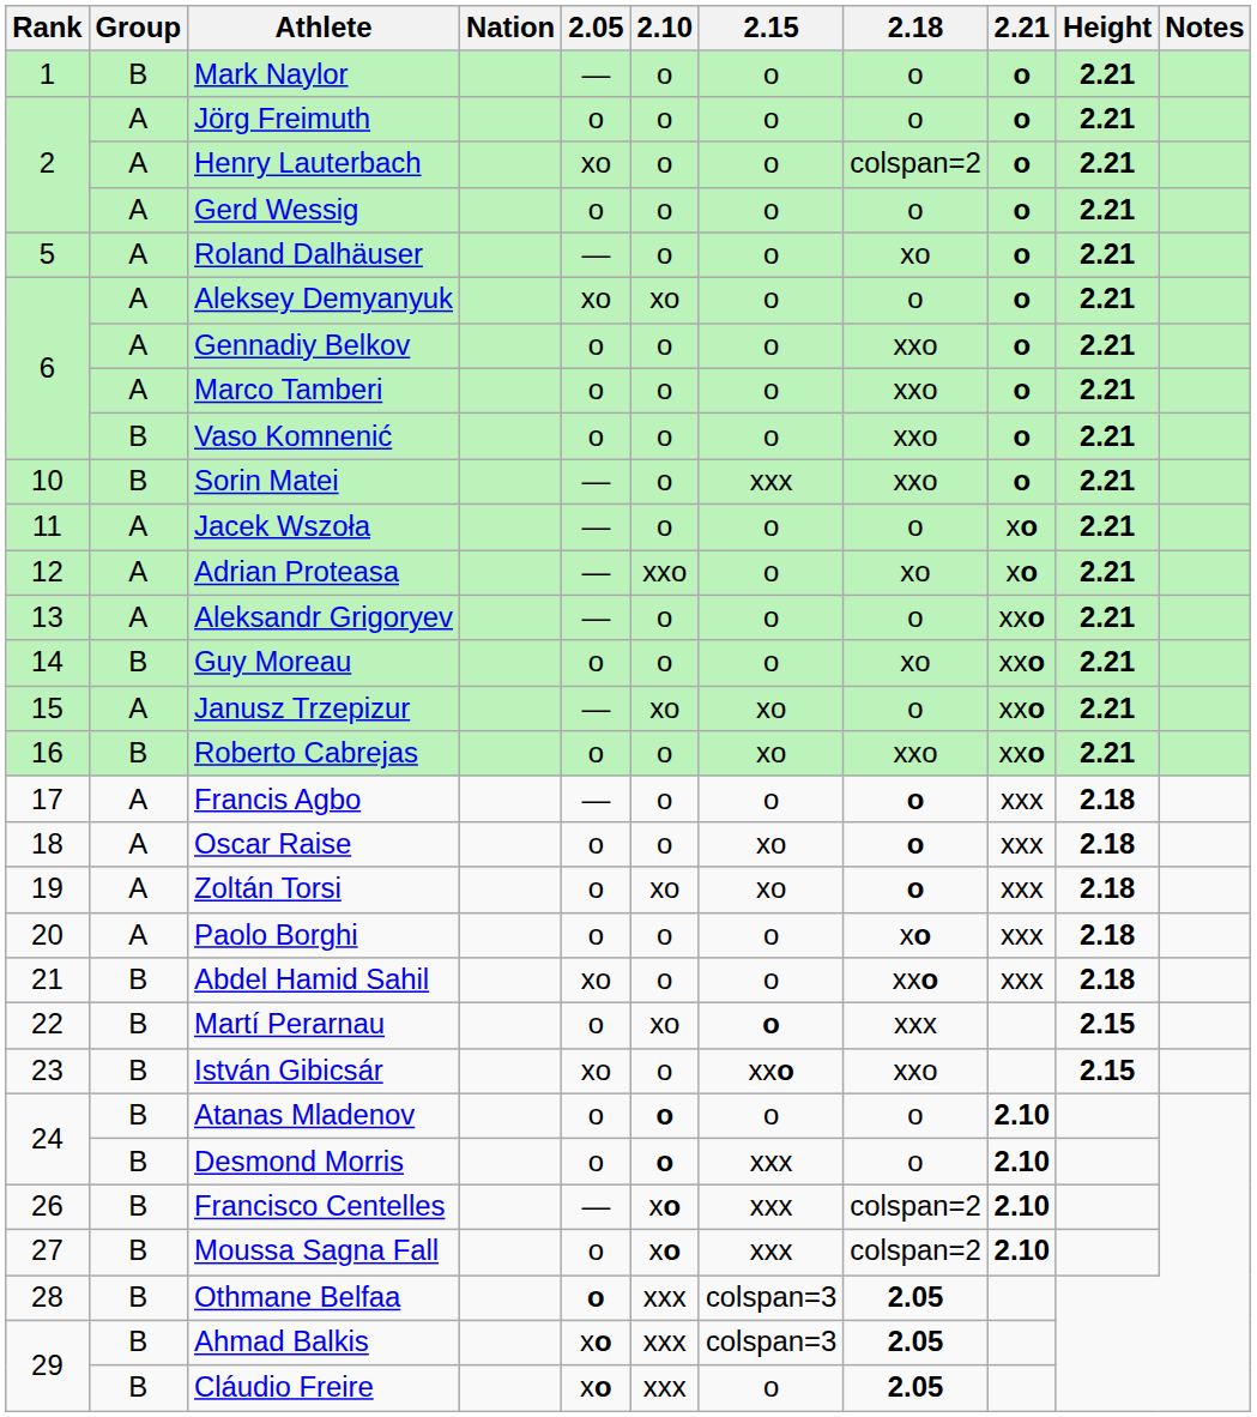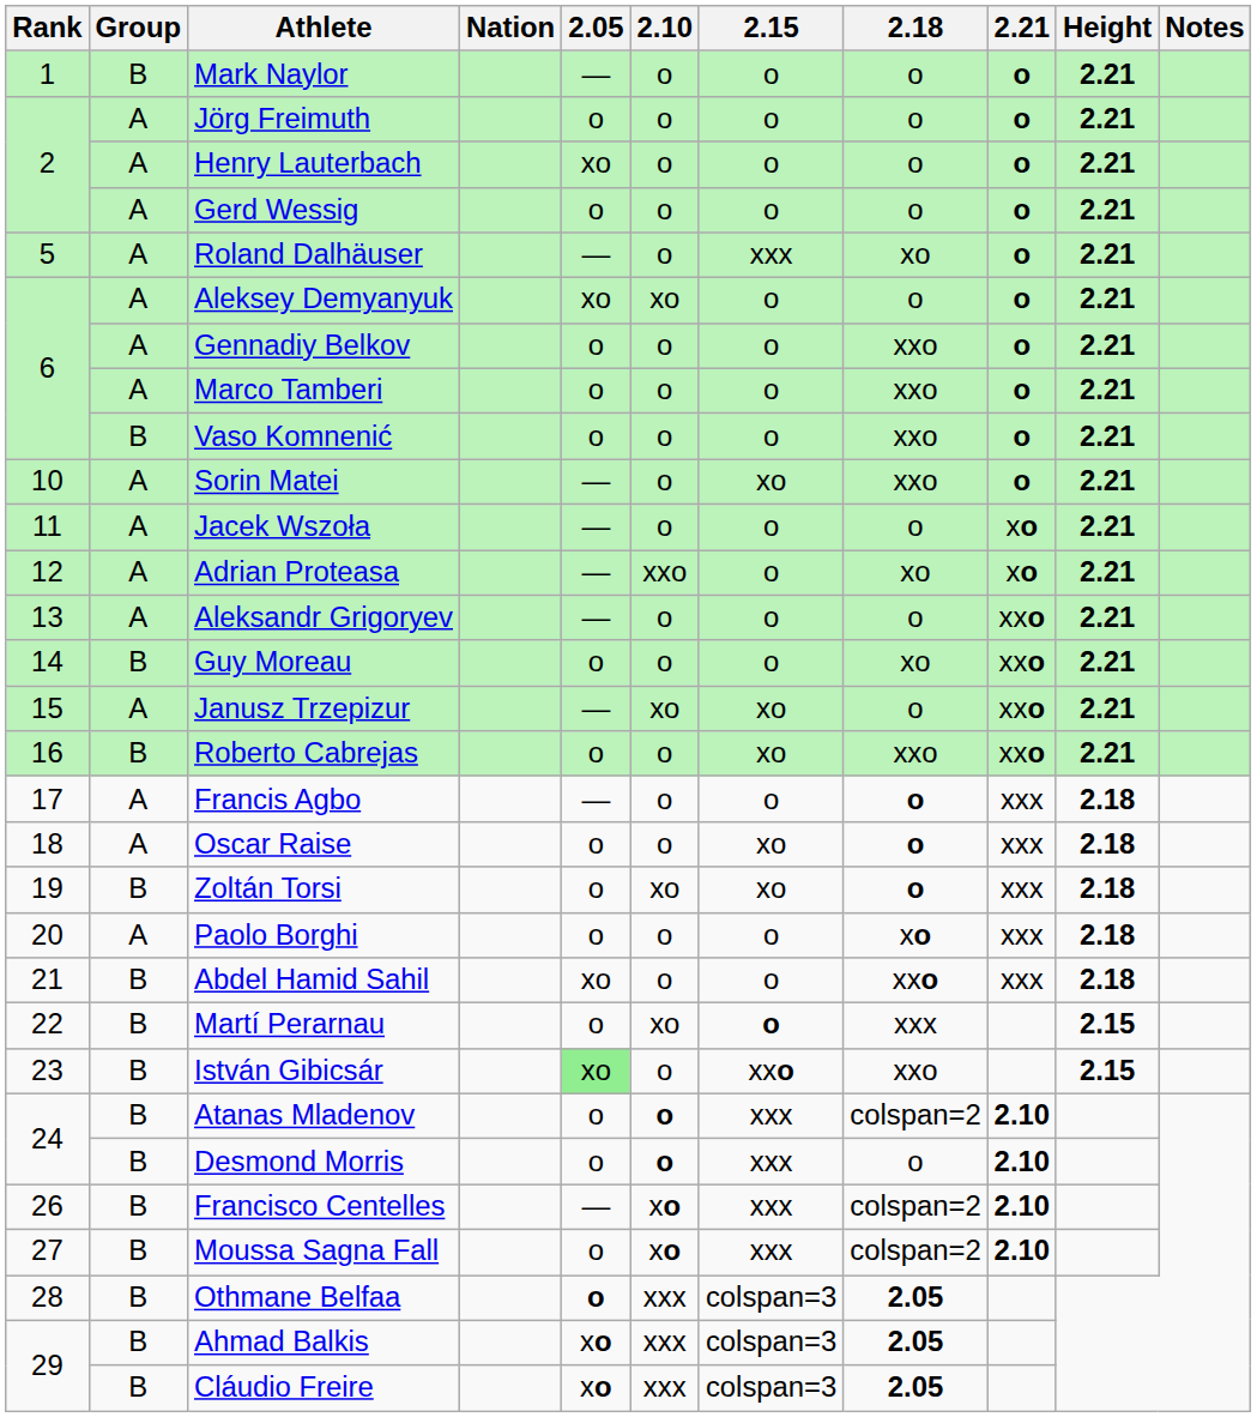 <table class="wikitable sortable" style="text-align:center">
 <tr>
 <th>Rank</th>
 <th>Group</th>
 <th>Athlete</th>
 <th>Nation</th>
 <th>2.05</th>
 <th>2.10</th>
 <th>2.15</th>
 <th>2.18</th>
 <th>2.21</th>
 <th>Height</th>
 <th>Notes</th>
 </tr>
 <tr bgcolor=bbf3bb>
 <td>1</td>
 <td>B</td>
 <td align=left><a href='#'>Mark Naylor</a></td>
 <td align=left></td>
 <td>—</td>
 <td>o</td>
 <td>o</td>
 <td>o</td>
 <td><strong>o</strong></td>
 <td><strong>2.21</strong></td>
 <td></td>
 </tr>
 <tr bgcolor=bbf3bb>
 <td rowspan=3>2</td>
 <td>A</td>
 <td align=left><a href='#'>Jörg Freimuth</a></td>
 <td align=left></td>
 <td>o</td>
 <td>o</td>
 <td>o</td>
 <td>o</td>
 <td><strong>o</strong></td>
 <td><strong>2.21</strong></td>
 <td></td>
 </tr>
 <tr bgcolor=bbf3bb>
 <td>A</td>
 <td align=left><a href='#'>Henry Lauterbach</a></td>
 <td align=left></td>
 <td>xo</td>
 <td>o</td>
 <td>o</td>
-<td>colspan=2 </td>
+<td>o</td>
 <td><strong>o</strong></td>
 <td><strong>2.21</strong></td>
 <td></td>
 </tr>
 <tr bgcolor=bbf3bb>
 <td>A</td>
 <td align=left><a href='#'>Gerd Wessig</a></td>
 <td align=left></td>
 <td>o</td>
 <td>o</td>
 <td>o</td>
 <td>o</td>
 <td><strong>o</strong></td>
 <td><strong>2.21</strong></td>
 <td></td>
 </tr>
 <tr bgcolor=bbf3bb>
 <td>5</td>
 <td>A</td>
 <td align=left><a href='#'>Roland Dalhäuser</a></td>
 <td align=left></td>
 <td>—</td>
 <td>o</td>
-<td>o</td>
+<td>xxx</td>
 <td>xo</td>
 <td><strong>o</strong></td>
 <td><strong>2.21</strong></td>
 <td></td>
 </tr>
 <tr bgcolor=bbf3bb>
 <td rowspan=4>6</td>
 <td>A</td>
 <td align=left><a href='#'>Aleksey Demyanyuk</a></td>
 <td align=left></td>
 <td>xo</td>
 <td>xo</td>
 <td>o</td>
 <td>o</td>
 <td><strong>o</strong></td>
 <td><strong>2.21</strong></td>
 <td></td>
 </tr>
 <tr bgcolor=bbf3bb>
 <td>A</td>
 <td align=left><a href='#'>Gennadiy Belkov</a></td>
 <td align=left></td>
 <td>o</td>
 <td>o</td>
 <td>o</td>
 <td>xxo</td>
 <td><strong>o</strong></td>
 <td><strong>2.21</strong></td>
 <td></td>
 </tr>
 <tr bgcolor=bbf3bb>
 <td>A</td>
 <td align=left><a href='#'>Marco Tamberi</a></td>
 <td align=left></td>
 <td>o</td>
 <td>o</td>
 <td>o</td>
 <td>xxo</td>
 <td><strong>o</strong></td>
 <td><strong>2.21</strong></td>
 <td></td>
 </tr>
 <tr bgcolor=bbf3bb>
 <td>B</td>
 <td align=left><a href='#'>Vaso Komnenić</a></td>
 <td align=left></td>
 <td>o</td>
 <td>o</td>
 <td>o</td>
 <td>xxo</td>
 <td><strong>o</strong></td>
 <td><strong>2.21</strong></td>
 <td></td>
 </tr>
 <tr bgcolor=bbf3bb>
 <td>10</td>
-<td>B</td>
+<td>A</td>
 <td align=left><a href='#'>Sorin Matei</a></td>
 <td align=left></td>
 <td>—</td>
 <td>o</td>
-<td>xxx</td>
+<td>xo</td>
 <td>xxo</td>
 <td><strong>o</strong></td>
 <td><strong>2.21</strong></td>
 <td></td>
 </tr>
 <tr bgcolor=bbf3bb>
 <td>11</td>
 <td>A</td>
 <td align=left><a href='#'>Jacek Wszoła</a></td>
 <td align=left></td>
 <td>—</td>
 <td>o</td>
 <td>o</td>
 <td>o</td>
 <td>x<strong>o</strong></td>
 <td><strong>2.21</strong></td>
 <td></td>
 </tr>
 <tr bgcolor=bbf3bb>
 <td>12</td>
 <td>A</td>
 <td align=left><a href='#'>Adrian Proteasa</a></td>
 <td align=left></td>
 <td>—</td>
 <td>xxo</td>
 <td>o</td>
 <td>xo</td>
 <td>x<strong>o</strong></td>
 <td><strong>2.21</strong></td>
 <td></td>
 </tr>
 <tr bgcolor=bbf3bb>
 <td>13</td>
 <td>A</td>
 <td align=left><a href='#'>Aleksandr Grigoryev</a></td>
 <td align=left></td>
 <td>—</td>
 <td>o</td>
 <td>o</td>
 <td>o</td>
 <td>xx<strong>o</strong></td>
 <td><strong>2.21</strong></td>
 <td></td>
 </tr>
 <tr bgcolor=bbf3bb>
 <td>14</td>
 <td>B</td>
 <td align=left><a href='#'>Guy Moreau</a></td>
 <td align=left></td>
 <td>o</td>
 <td>o</td>
 <td>o</td>
 <td>xo</td>
 <td>xx<strong>o</strong></td>
 <td><strong>2.21</strong></td>
 <td></td>
 </tr>
 <tr bgcolor=bbf3bb>
 <td>15</td>
 <td>A</td>
 <td align=left><a href='#'>Janusz Trzepizur</a></td>
 <td align=left></td>
 <td>—</td>
 <td>xo</td>
 <td>xo</td>
 <td>o</td>
 <td>xx<strong>o</strong></td>
 <td><strong>2.21</strong></td>
 <td></td>
 </tr>
 <tr bgcolor=bbf3bb>
 <td>16</td>
 <td>B</td>
 <td align=left><a href='#'>Roberto Cabrejas</a></td>
 <td align=left></td>
 <td>o</td>
 <td>o</td>
 <td>xo</td>
 <td>xxo</td>
 <td>xx<strong>o</strong></td>
 <td><strong>2.21</strong></td>
 <td></td>
 </tr>
 <tr>
 <td>17</td>
 <td>A</td>
 <td align=left><a href='#'>Francis Agbo</a></td>
 <td align=left></td>
 <td>—</td>
 <td>o</td>
 <td>o</td>
 <td><strong>o</strong></td>
 <td>xxx</td>
 <td><strong>2.18</strong></td>
 <td></td>
 </tr>
 <tr>
 <td>18</td>
 <td>A</td>
 <td align=left><a href='#'>Oscar Raise</a></td>
 <td align=left></td>
 <td>o</td>
 <td>o</td>
 <td>xo</td>
 <td><strong>o</strong></td>
 <td>xxx</td>
 <td><strong>2.18</strong></td>
 <td></td>
 </tr>
 <tr>
 <td>19</td>
-<td>A</td>
+<td>B</td>
 <td align=left><a href='#'>Zoltán Torsi</a></td>
 <td align=left></td>
 <td>o</td>
 <td>xo</td>
 <td>xo</td>
 <td><strong>o</strong></td>
 <td>xxx</td>
 <td><strong>2.18</strong></td>
 <td></td>
 </tr>
 <tr>
 <td>20</td>
 <td>A</td>
 <td align=left><a href='#'>Paolo Borghi</a></td>
 <td align=left></td>
 <td>o</td>
 <td>o</td>
 <td>o</td>
 <td>x<strong>o</strong></td>
 <td>xxx</td>
 <td><strong>2.18</strong></td>
 <td></td>
 </tr>
 <tr>
 <td>21</td>
 <td>B</td>
 <td align=left><a href='#'>Abdel Hamid Sahil</a></td>
 <td align=left></td>
 <td>xo</td>
 <td>o</td>
 <td>o</td>
 <td>xx<strong>o</strong></td>
 <td>xxx</td>
 <td><strong>2.18</strong></td>
 <td></td>
 </tr>
 <tr>
 <td>22</td>
 <td>B</td>
 <td align=left><a href='#'>Martí Perarnau</a></td>
 <td align=left></td>
 <td>o</td>
 <td>xo</td>
 <td><strong>o</strong></td>
 <td>xxx</td>
 <td></td>
 <td><strong>2.15</strong></td>
 <td></td>
 </tr>
 <tr>
 <td>23</td>
 <td>B</td>
 <td align=left><a href='#'>István Gibicsár</a></td>
 <td align=left></td>
-<td>xo</td>
+<td style="background: lightgreen;">xo</td>
 <td>o</td>
 <td>xx<strong>o</strong></td>
 <td>xxo</td>
 <td></td>
 <td><strong>2.15</strong></td>
 <td></td>
 </tr>
 <tr>
 <td rowspan=2>24</td>
 <td>B</td>
 <td align=left><a href='#'>Atanas Mladenov</a></td>
 <td align=left></td>
 <td>o</td>
 <td><strong>o</strong></td>
-<td>o</td>
-<td>o</td>
+<td>xxx</td>
+<td>colspan=2 </td>
 <td><strong>2.10</strong></td>
 <td></td>
 </tr>
 <tr>
 <td>B</td>
 <td align=left><a href='#'>Desmond Morris</a></td>
 <td align=left></td>
 <td>o</td>
 <td><strong>o</strong></td>
 <td>xxx</td>
 <td>o</td>
 <td><strong>2.10</strong></td>
 <td></td>
 </tr>
 <tr>
 <td>26</td>
 <td>B</td>
 <td align=left><a href='#'>Francisco Centelles</a></td>
 <td align=left></td>
 <td>—</td>
 <td>x<strong>o</strong></td>
 <td>xxx</td>
 <td>colspan=2 </td>
 <td><strong>2.10</strong></td>
 <td></td>
 </tr>
 <tr>
 <td>27</td>
 <td>B</td>
 <td align=left><a href='#'>Moussa Sagna Fall</a></td>
 <td align=left></td>
 <td>o</td>
 <td>x<strong>o</strong></td>
 <td>xxx</td>
 <td>colspan=2 </td>
 <td><strong>2.10</strong></td>
 <td></td>
 </tr>
 <tr>
 <td>28</td>
 <td>B</td>
 <td align=left><a href='#'>Othmane Belfaa</a></td>
 <td align=left></td>
 <td><strong>o</strong></td>
 <td>xxx</td>
 <td>colspan=3 </td>
 <td><strong>2.05</strong></td>
 <td></td>
 </tr>
 <tr>
 <td rowspan=2>29</td>
 <td>B</td>
 <td align=left><a href='#'>Ahmad Balkis</a></td>
 <td align=left></td>
 <td>x<strong>o</strong></td>
 <td>xxx</td>
 <td>colspan=3 </td>
 <td><strong>2.05</strong></td>
 <td></td>
 </tr>
 <tr>
 <td>B</td>
 <td align=left><a href='#'>Cláudio Freire</a></td>
 <td align=left></td>
 <td>x<strong>o</strong></td>
 <td>xxx</td>
-<td>o</td>
+<td>colspan=3 </td>
 <td><strong>2.05</strong></td>
 <td></td>
 </tr>
 </table>
